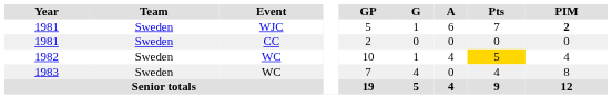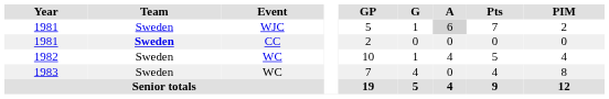 <table border="0" cellpadding="1" cellspacing="0" style="text-align:center; width:50em">
 <tr ALIGN="center" bgcolor="#e0e0e0">
 <th>Year</th>
 <th>Team</th>
 <th>Event</th>
 <th rowspan="99" bgcolor="#ffffff"> </th>
 <th>GP</th>
 <th>G</th>
 <th>A</th>
 <th>Pts</th>
 <th>PIM</th>
 </tr>
 <tr>
 <td><a href='#'>1981</a></td>
 <td><a href='#'>Sweden</a></td>
 <td><a href='#'>WJC</a></td>
 <td>5</td>
 <td>1</td>
-<td>6</td>
+<td style="background: lightgrey;">6</td>
 <td>7</td>
-<td><strong>2</strong></td>
+<td>2</td>
 </tr>
 <tr bgcolor="#f0f0f0">
 <td><a href='#'>1981</a></td>
-<td><a href='#'>Sweden</a></td>
+<td><strong><a href='#'>Sweden</a></strong></td>
 <td><a href='#'>CC</a></td>
 <td>2</td>
 <td>0</td>
 <td>0</td>
 <td>0</td>
 <td>0</td>
 </tr>
 <tr>
 <td><a href='#'>1982</a></td>
 <td>Sweden</td>
 <td><a href='#'>WC</a></td>
 <td>10</td>
 <td>1</td>
 <td>4</td>
-<td style="background: gold;">5</td>
+<td>5</td>
 <td>4</td>
 </tr>
 <tr bgcolor="#f0f0f0">
 <td><a href='#'>1983</a></td>
 <td>Sweden</td>
 <td>WC</td>
 <td>7</td>
 <td>4</td>
 <td>0</td>
 <td>4</td>
 <td>8</td>
 </tr>
 <tr bgcolor="#e0e0e0">
 <th colspan=3>Senior totals</th>
 <th>19</th>
 <th>5</th>
 <th>4</th>
 <th>9</th>
 <th>12</th>
 </tr>
 </table>
